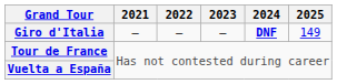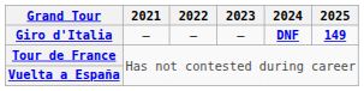 <table class="wikitable plainrowheaders">
 <tr>
 <th scope="col"><a href='#'>Grand Tour</a></th>
 <th scope="col">2021</th>
 <th scope="col">2022</th>
 <th scope="col">2023</th>
 <th scope="col">2024</th>
 <th scope="col">2025</th>
 </tr>
 <tr style="text-align:center;">
 <th scope="row"> <a href='#'>Giro d'Italia</a></th>
 <td>—</td>
 <td>—</td>
 <td>—</td>
 <td><strong><a href='#'>DNF</a></strong></td>
-<td><a href='#'>149</a></td>
+<td><strong><a href='#'>149</a></strong></td>
 </tr>
 <tr style="text-align:center;">
 <th scope="row"> <a href='#'>Tour de France</a></th>
 <td style="color:#4d4d4d;" colspan="7" rowspan="2">Has not contested during career</td>
 </tr>
 <tr style="text-align:center;">
 <th scope="row"> <a href='#'>Vuelta a España</a></th>
 </tr>
 </table>
